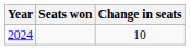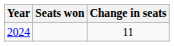 <table class="wikitable sortable">
 <tr>
 <th style="background-color:">Year</th>
 <th style="background-color:">Seats won</th>
 <th style="background-color:">Change in seats</th>
 </tr>
 <tr style="text-align:center;">
 <td><a href='#'>2024</a></td>
 <td></td>
-<td>10</td>
+<td>11</td>
 </tr>
 </table>
